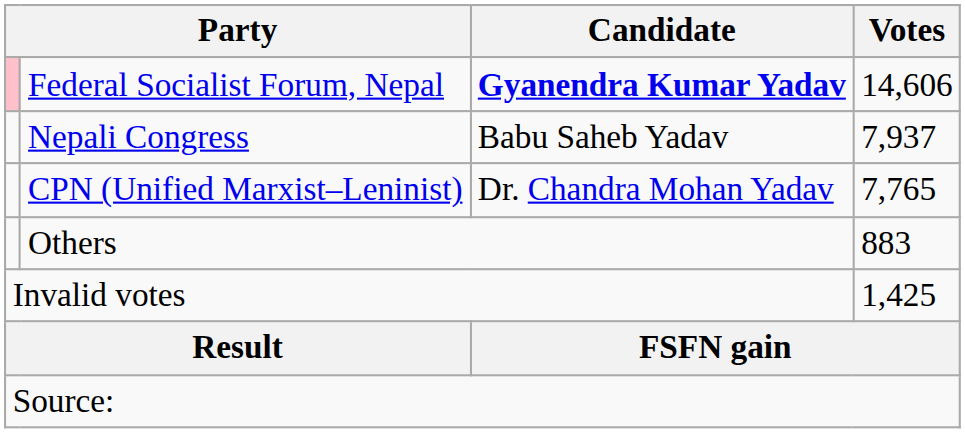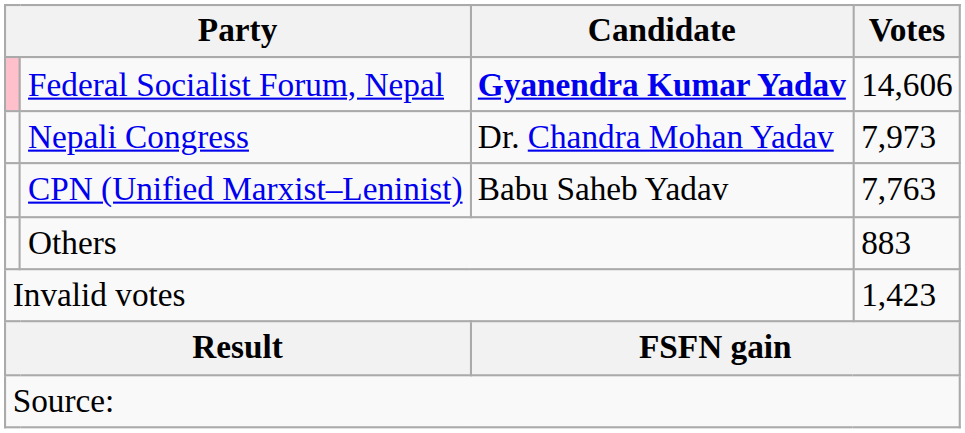 <table class="wikitable">
 <tr>
 <th colspan="2">Party</th>
 <th>Candidate</th>
 <th>Votes</th>
 </tr>
 <tr>
 <td style="background-color:#ffc0cb"></td>
 <td><a href='#'>Federal Socialist Forum, Nepal</a></td>
 <td><strong><a href='#'>Gyanendra Kumar Yadav</a></strong></td>
 <td>14,606</td>
 </tr>
 <tr>
 <td style="background-color:"></td>
 <td><a href='#'>Nepali Congress</a></td>
-<td>Babu Saheb Yadav</td>
-<td>7,937</td>
+<td>Dr. <a href='#'>Chandra Mohan Yadav</a></td>
+<td>7,973</td>
 </tr>
 <tr>
 <td style="background-color:"></td>
 <td><a href='#'>CPN (Unified Marxist–Leninist)</a></td>
-<td>Dr. <a href='#'>Chandra Mohan Yadav</a></td>
-<td>7,765</td>
+<td>Babu Saheb Yadav</td>
+<td>7,763</td>
 </tr>
 <tr>
 <td></td>
 <td colspan="2">Others</td>
 <td>883</td>
 </tr>
 <tr>
 <td colspan="3">Invalid votes</td>
-<td>1,425</td>
+<td>1,423</td>
 </tr>
 <tr>
 <th colspan="2">Result</th>
 <th colspan="2">FSFN gain</th>
 </tr>
 <tr>
 <td colspan="4">Source: </td>
 </tr>
 </table>
